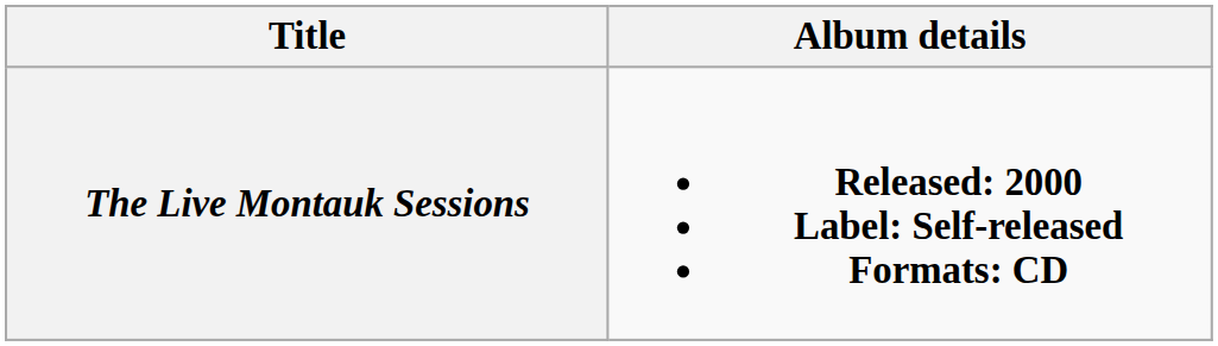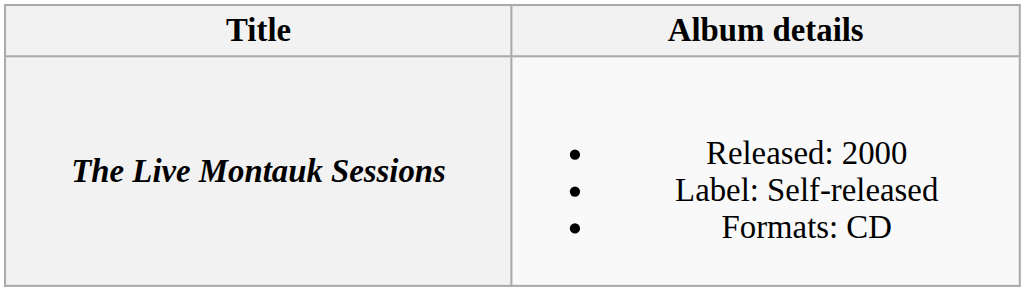 <table class="wikitable plainrowheaders" style="text-align:center;">
 <tr>
 <th scope="col" style="width:15em;">Title</th>
 <th scope="col" style="width:15em;">Album details</th>
 </tr>
 <tr>
 <th scope="row"><em>The Live Montauk Sessions</em></th>
-<td><strong><br><ul><li>Released: 2000</li><li>Label: Self-released</li><li>Formats: CD</li></ul></strong></td>
+<td><br><ul><li>Released: 2000</li><li>Label: Self-released</li><li>Formats: CD</li></ul></td>
 </tr>
 </table>
